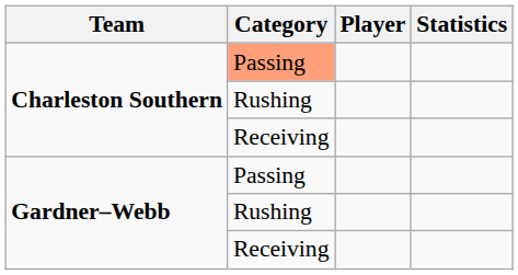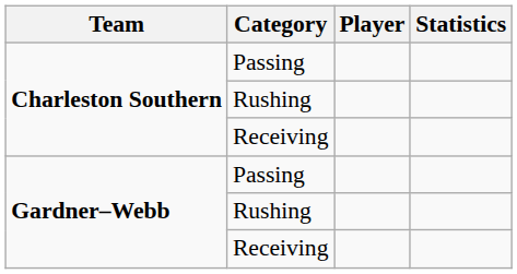 <table class="wikitable" style="float: right;">
 <tr>
 <th>Team</th>
 <th>Category</th>
 <th>Player</th>
 <th>Statistics</th>
 </tr>
 <tr>
 <td rowspan=3><strong>Charleston Southern</strong></td>
-<td style="background: lightsalmon;">Passing</td>
+<td>Passing</td>
 <td></td>
 <td></td>
 </tr>
 <tr>
 <td>Rushing</td>
 <td></td>
 <td></td>
 </tr>
 <tr>
 <td>Receiving</td>
 <td></td>
 <td></td>
 </tr>
 <tr>
 <td rowspan=3><strong>Gardner–Webb</strong></td>
 <td>Passing</td>
 <td></td>
 <td></td>
 </tr>
 <tr>
 <td>Rushing</td>
 <td></td>
 <td></td>
 </tr>
 <tr>
 <td>Receiving</td>
 <td></td>
 <td></td>
 </tr>
 </table>
